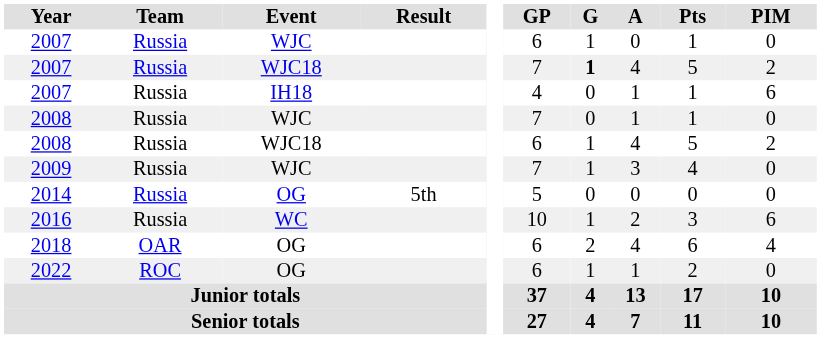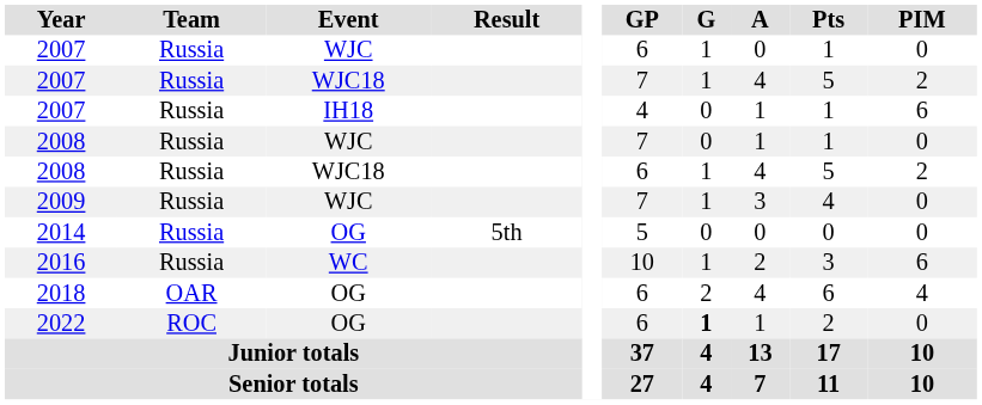 <table border="0" cellpadding="1" cellspacing="0" style="text-align:center; width:40em">
 <tr bgcolor="#e0e0e0">
 <th>Year</th>
 <th>Team</th>
 <th>Event</th>
 <th>Result</th>
 <th rowspan="99" bgcolor="#ffffff"> </th>
 <th>GP</th>
 <th>G</th>
 <th>A</th>
 <th>Pts</th>
 <th>PIM</th>
 </tr>
 <tr>
 <td><a href='#'>2007</a></td>
 <td><a href='#'>Russia</a></td>
 <td><a href='#'>WJC</a></td>
 <td></td>
 <td>6</td>
 <td>1</td>
 <td>0</td>
 <td>1</td>
 <td>0</td>
 </tr>
 <tr bgcolor="#f0f0f0">
 <td><a href='#'>2007</a></td>
 <td><a href='#'>Russia</a></td>
 <td><a href='#'>WJC18</a></td>
 <td></td>
 <td>7</td>
-<td><strong>1</strong></td>
+<td>1</td>
 <td>4</td>
 <td>5</td>
 <td>2</td>
 </tr>
 <tr>
 <td><a href='#'>2007</a></td>
 <td>Russia</td>
 <td><a href='#'>IH18</a></td>
 <td></td>
 <td>4</td>
 <td>0</td>
 <td>1</td>
 <td>1</td>
 <td>6</td>
 </tr>
 <tr bgcolor="#f0f0f0">
 <td><a href='#'>2008</a></td>
 <td>Russia</td>
 <td>WJC</td>
 <td></td>
 <td>7</td>
 <td>0</td>
 <td>1</td>
 <td>1</td>
 <td>0</td>
 </tr>
 <tr>
 <td><a href='#'>2008</a></td>
 <td>Russia</td>
 <td>WJC18</td>
 <td></td>
 <td>6</td>
 <td>1</td>
 <td>4</td>
 <td>5</td>
 <td>2</td>
 </tr>
 <tr bgcolor="#f0f0f0">
 <td><a href='#'>2009</a></td>
 <td>Russia</td>
 <td>WJC</td>
 <td></td>
 <td>7</td>
 <td>1</td>
 <td>3</td>
 <td>4</td>
 <td>0</td>
 </tr>
 <tr>
 <td><a href='#'>2014</a></td>
 <td><a href='#'>Russia</a></td>
 <td><a href='#'>OG</a></td>
 <td>5th</td>
 <td>5</td>
 <td>0</td>
 <td>0</td>
 <td>0</td>
 <td>0</td>
 </tr>
 <tr bgcolor="#f0f0f0">
 <td><a href='#'>2016</a></td>
 <td>Russia</td>
 <td><a href='#'>WC</a></td>
 <td></td>
 <td>10</td>
 <td>1</td>
 <td>2</td>
 <td>3</td>
 <td>6</td>
 </tr>
 <tr>
 <td><a href='#'>2018</a></td>
 <td><a href='#'>OAR</a></td>
 <td>OG</td>
 <td></td>
 <td>6</td>
 <td>2</td>
 <td>4</td>
 <td>6</td>
 <td>4</td>
 </tr>
 <tr bgcolor="#f0f0f0">
 <td><a href='#'>2022</a></td>
 <td><a href='#'>ROC</a></td>
 <td>OG</td>
 <td></td>
 <td>6</td>
-<td>1</td>
+<td><strong>1</strong></td>
 <td>1</td>
 <td>2</td>
 <td>0</td>
 </tr>
 <tr bgcolor="#e0e0e0">
 <th colspan="4">Junior totals</th>
 <th>37</th>
 <th>4</th>
 <th>13</th>
 <th>17</th>
 <th>10</th>
 </tr>
 <tr bgcolor="#e0e0e0">
 <th colspan="4">Senior totals</th>
 <th>27</th>
 <th>4</th>
 <th>7</th>
 <th>11</th>
 <th>10</th>
 </tr>
 </table>
